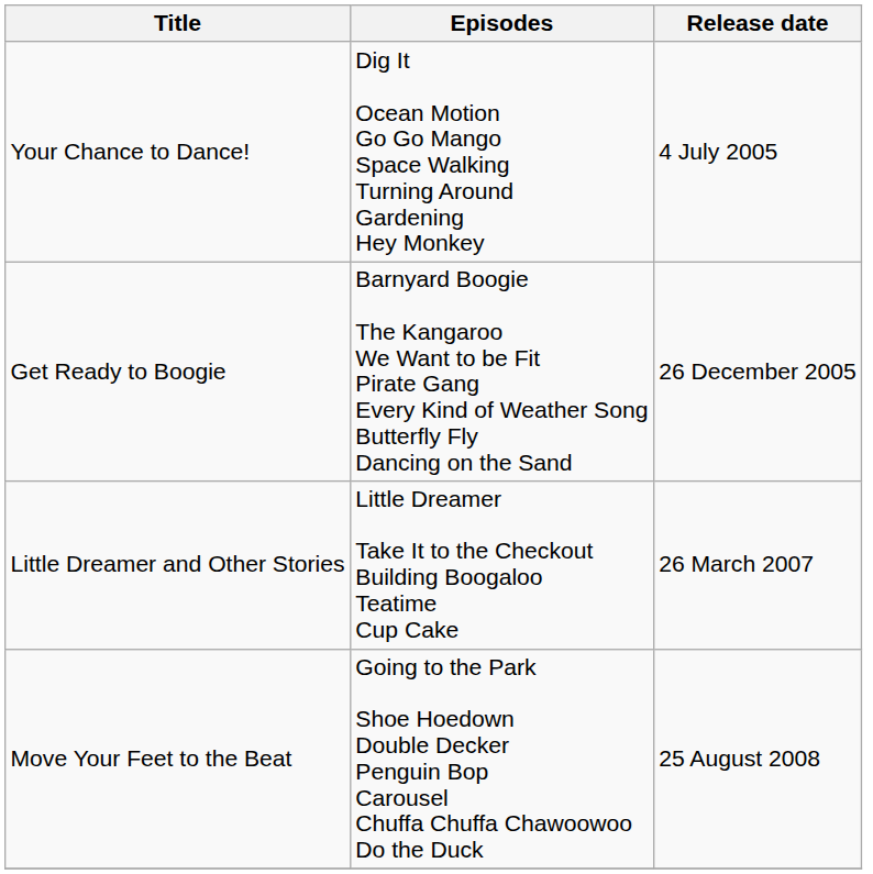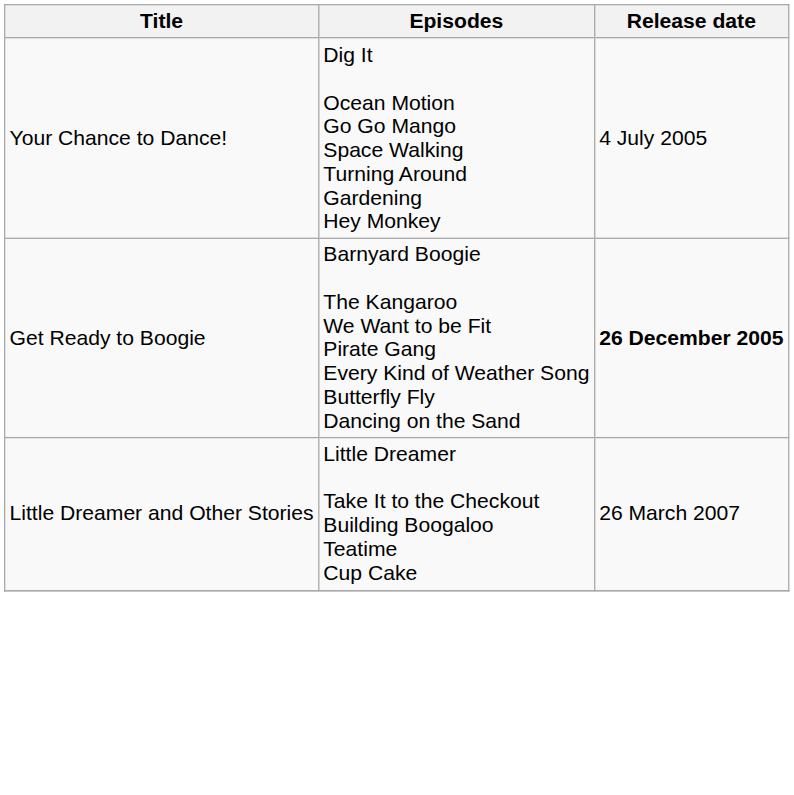 <table class="wikitable">
 <tr>
 <th>Title</th>
 <th>Episodes</th>
 <th>Release date</th>
 </tr>
 <tr>
 <td>Your Chance to Dance!</td>
 <td>Dig It<br><br>Ocean Motion<br> Go Go Mango<br> Space Walking<br> Turning Around<br> Gardening<br> Hey Monkey</td>
 <td>4 July 2005</td>
 </tr>
 <tr>
 <td>Get Ready to Boogie</td>
 <td>Barnyard Boogie<br><br>The Kangaroo<br> We Want to be Fit<br> Pirate Gang<br> Every Kind of Weather Song<br> Butterfly Fly<br> Dancing on the Sand</td>
-<td>26 December 2005</td>
+<td><strong>26 December 2005</strong></td>
 </tr>
 <tr>
 <td>Little Dreamer and Other Stories</td>
 <td>Little Dreamer<br><br>Take It to the Checkout<br> Building Boogaloo<br> Teatime<br> Cup Cake<br></td>
 <td>26 March 2007</td>
 </tr>
 <tr>
-<td>Move Your Feet to the Beat</td>
-<td>Going to the Park<br><br>Shoe Hoedown<br> Double Decker<br> Penguin Bop<br> Carousel<br> Chuffa Chuffa Chawoowoo<br> Do the Duck<br></td>
-<td>25 August 2008</td>
-</tr>
-<tr>
 </tr>
 </table>
